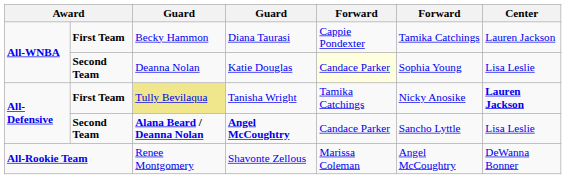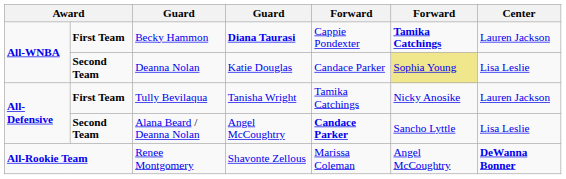 <table class="wikitable" style="width: 90%">
 <tr>
 <th colspan="2">Award</th>
 <th width=125>Guard</th>
 <th>Guard</th>
 <th>Forward</th>
 <th>Forward</th>
 <th>Center</th>
 </tr>
 <tr>
 <td rowspan="2"><strong><a href='#'>All-WNBA</a></strong></td>
 <td><strong>First Team</strong></td>
 <td><a href='#'>Becky Hammon</a></td>
-<td><a href='#'>Diana Taurasi</a></td>
+<td><strong><a href='#'>Diana Taurasi</a></strong></td>
 <td><a href='#'>Cappie Pondexter</a></td>
-<td><a href='#'>Tamika Catchings</a></td>
+<td><strong><a href='#'>Tamika Catchings</a></strong></td>
 <td><a href='#'>Lauren Jackson</a></td>
 </tr>
 <tr>
 <td><strong>Second Team</strong></td>
 <td><a href='#'>Deanna Nolan</a></td>
 <td><a href='#'>Katie Douglas</a></td>
-<td style="background: lightyellow;"><a href='#'>Candace Parker</a></td>
-<td><a href='#'>Sophia Young</a></td>
+<td><a href='#'>Candace Parker</a></td>
+<td style="background: khaki;"><a href='#'>Sophia Young</a></td>
 <td><a href='#'>Lisa Leslie</a></td>
 </tr>
 <tr>
 <td rowspan="2"><strong><a href='#'>All-Defensive</a></strong></td>
 <td><strong>First Team</strong></td>
-<td style="background: khaki;"><a href='#'>Tully Bevilaqua</a></td>
+<td><a href='#'>Tully Bevilaqua</a></td>
 <td><a href='#'>Tanisha Wright</a></td>
 <td><a href='#'>Tamika Catchings</a></td>
 <td><a href='#'>Nicky Anosike</a></td>
-<td><strong><a href='#'>Lauren Jackson</a></strong></td>
+<td><a href='#'>Lauren Jackson</a></td>
 </tr>
 <tr>
 <td><strong>Second Team</strong></td>
-<td><strong><a href='#'>Alana Beard</a> / <a href='#'>Deanna Nolan</a></strong></td>
-<td><strong><a href='#'>Angel McCoughtry</a></strong></td>
-<td><a href='#'>Candace Parker</a></td>
+<td><a href='#'>Alana Beard</a> / <a href='#'>Deanna Nolan</a></td>
+<td><a href='#'>Angel McCoughtry</a></td>
+<td><strong><a href='#'>Candace Parker</a></strong></td>
 <td><a href='#'>Sancho Lyttle</a></td>
 <td><a href='#'>Lisa Leslie</a></td>
 </tr>
 <tr>
 <td colspan="2"><strong><a href='#'>All-Rookie Team</a></strong></td>
 <td><a href='#'>Renee Montgomery</a></td>
 <td><a href='#'>Shavonte Zellous</a></td>
 <td><a href='#'>Marissa Coleman</a></td>
 <td><a href='#'>Angel McCoughtry</a></td>
-<td><a href='#'>DeWanna Bonner</a></td>
+<td><strong><a href='#'>DeWanna Bonner</a></strong></td>
 </tr>
 </table>
